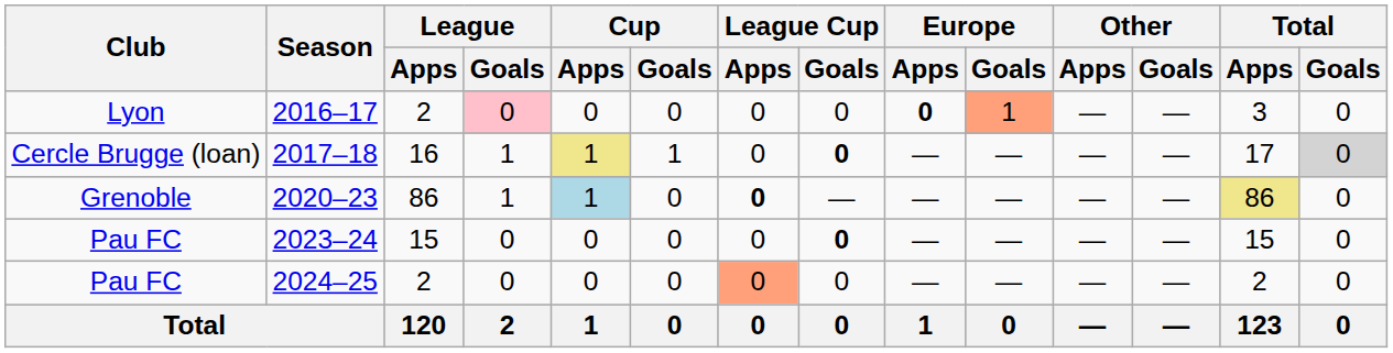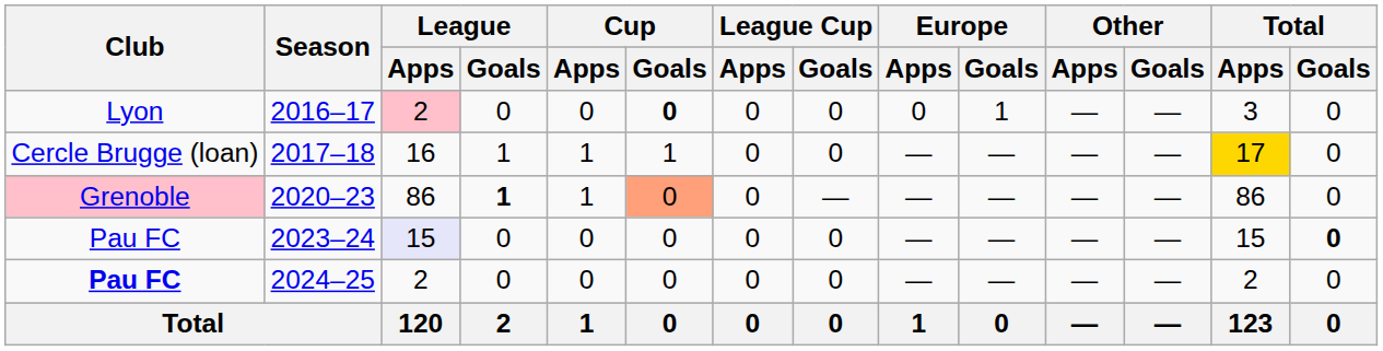 <table class="wikitable" style="text-align: center">
 <tr>
 <th rowspan="2">Club</th>
 <th rowspan="2">Season</th>
 <th colspan="2">League</th>
 <th colspan="2">Cup</th>
 <th colspan="2">League Cup</th>
 <th colspan="2">Europe</th>
 <th colspan="2">Other</th>
 <th colspan="2">Total</th>
 </tr>
 <tr>
 <th>Apps</th>
 <th>Goals</th>
 <th>Apps</th>
 <th>Goals</th>
 <th>Apps</th>
 <th>Goals</th>
 <th>Apps</th>
 <th>Goals</th>
 <th>Apps</th>
 <th>Goals</th>
 <th>Apps</th>
 <th>Goals</th>
 </tr>
 <tr>
 <td><a href='#'>Lyon</a></td>
 <td><a href='#'>2016–17</a></td>
-<td>2</td>
-<td style="background: pink;">0</td>
+<td style="background: pink;">2</td>
+<td>0</td>
+<td>0</td>
+<td><strong>0</strong></td>
 <td>0</td>
 <td>0</td>
 <td>0</td>
-<td>0</td>
-<td><strong>0</strong></td>
-<td style="background: lightsalmon;">1</td>
+<td>1</td>
 <td>—</td>
 <td>—</td>
 <td>3</td>
 <td>0</td>
 </tr>
 <tr>
 <td><a href='#'>Cercle Brugge</a> (loan)</td>
 <td><a href='#'>2017–18</a></td>
 <td>16</td>
 <td>1</td>
-<td style="background: khaki;">1</td>
+<td>1</td>
 <td>1</td>
 <td>0</td>
-<td><strong>0</strong></td>
+<td>0</td>
 <td>—</td>
 <td>—</td>
 <td>—</td>
 <td>—</td>
-<td>17</td>
-<td style="background: lightgrey;">0</td>
+<td style="background: gold;">17</td>
+<td>0</td>
 </tr>
 <tr>
-<td><a href='#'>Grenoble</a></td>
+<td style="background: pink;"><a href='#'>Grenoble</a></td>
 <td><a href='#'>2020–23</a></td>
 <td>86</td>
+<td><strong>1</strong></td>
 <td>1</td>
-<td style="background: lightblue;">1</td>
+<td style="background: lightsalmon;">0</td>
 <td>0</td>
-<td><strong>0</strong></td>
 <td>—</td>
 <td>—</td>
 <td>—</td>
 <td>—</td>
 <td>—</td>
-<td style="background: khaki;">86</td>
+<td>86</td>
 <td>0</td>
 </tr>
 <tr>
 <td><a href='#'>Pau FC</a></td>
 <td><a href='#'>2023–24</a></td>
-<td>15</td>
+<td style="background: lavender;">15</td>
 <td>0</td>
 <td>0</td>
 <td>0</td>
 <td>0</td>
-<td><strong>0</strong></td>
+<td>0</td>
 <td>—</td>
 <td>—</td>
 <td>—</td>
 <td>—</td>
 <td>15</td>
-<td>0</td>
+<td><strong>0</strong></td>
 </tr>
 <tr>
-<td><a href='#'>Pau FC</a></td>
+<td><strong><a href='#'>Pau FC</a></strong></td>
 <td><a href='#'>2024–25</a></td>
 <td>2</td>
 <td>0</td>
 <td>0</td>
 <td>0</td>
-<td style="background: lightsalmon;">0</td>
+<td>0</td>
 <td>0</td>
 <td>—</td>
 <td>—</td>
 <td>—</td>
 <td>—</td>
 <td>2</td>
 <td>0</td>
 </tr>
 <tr>
 <th colspan="2">Total</th>
 <th>120</th>
 <th>2</th>
 <th>1</th>
 <th>0</th>
 <th>0</th>
 <th>0</th>
 <th>1</th>
 <th>0</th>
 <th>—</th>
 <th>—</th>
 <th>123</th>
 <th>0</th>
 </tr>
 </table>
